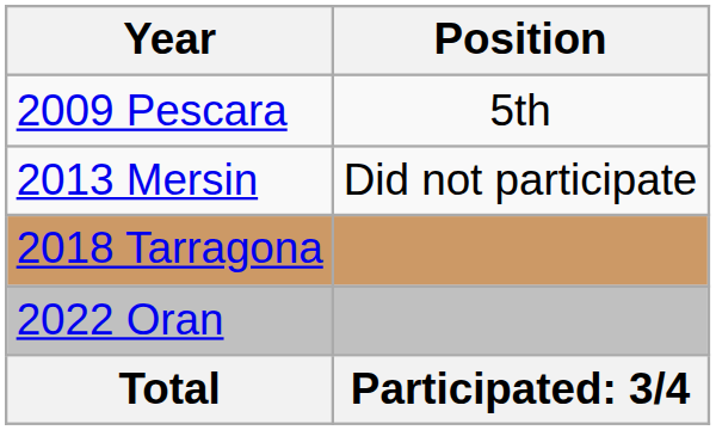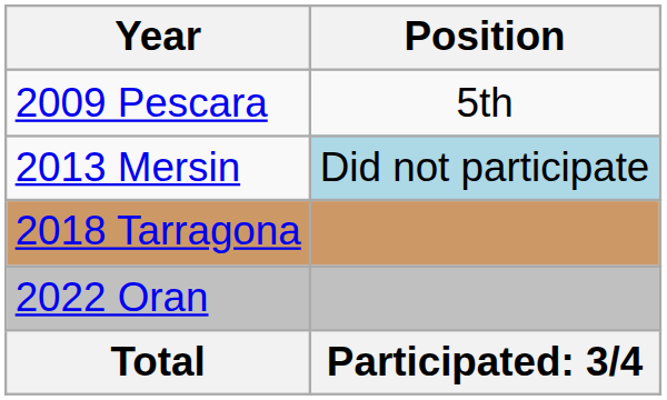 <table class="wikitable" style="text-align: center;">
 <tr>
 <th>Year</th>
 <th>Position</th>
 </tr>
 <tr>
 <td align=left> <a href='#'>2009 Pescara</a></td>
 <td>5th</td>
 </tr>
 <tr>
 <td align=left> <a href='#'>2013 Mersin</a></td>
-<td>Did not participate</td>
+<td style="background: lightblue;">Did not participate</td>
 </tr>
 <tr bgcolor=cc9966>
 <td align=left> <a href='#'>2018 Tarragona</a></td>
 <td></td>
 </tr>
 <tr bgcolor=c0c0c0>
 <td align=left> <a href='#'>2022 Oran</a></td>
 <td></td>
 </tr>
 <tr>
 <th>Total</th>
 <th>Participated: 3/4</th>
 </tr>
 </table>
